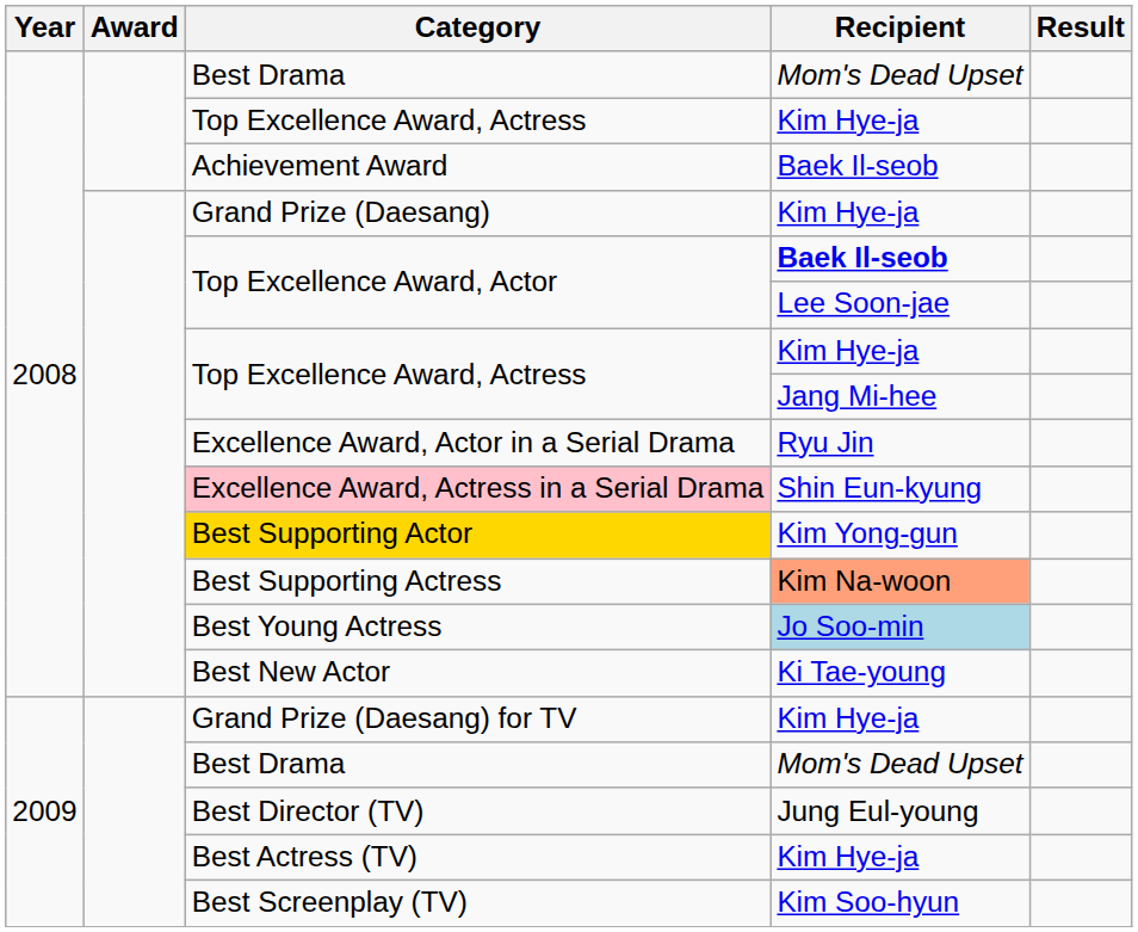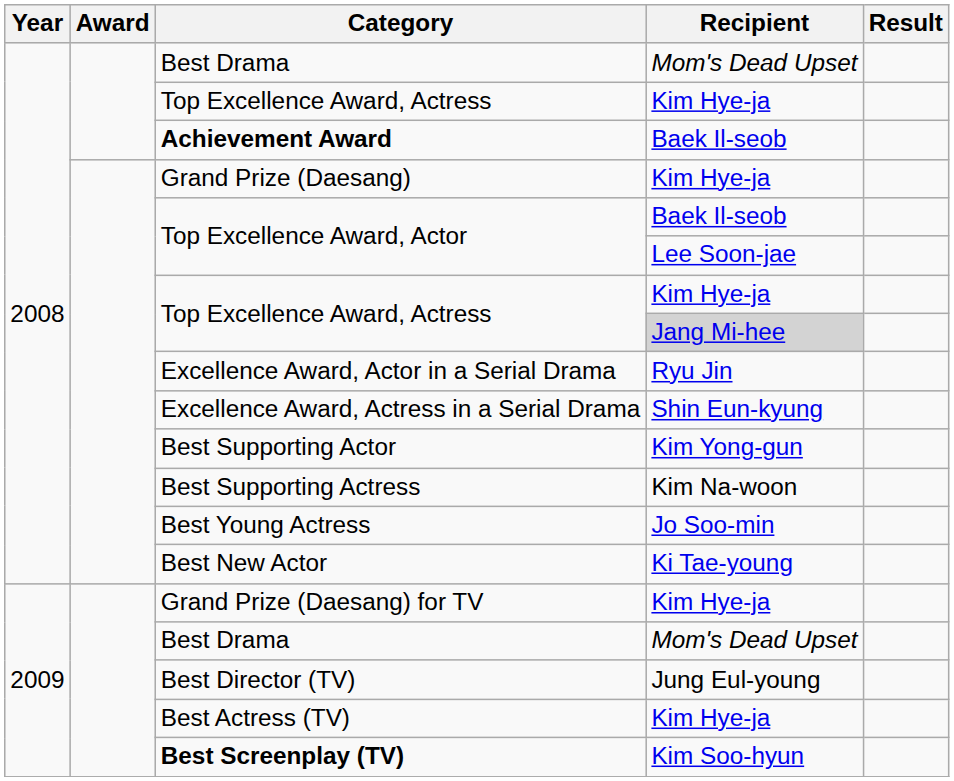 <table class="wikitable">
 <tr>
 <th>Year</th>
 <th>Award</th>
 <th>Category</th>
 <th>Recipient</th>
 <th>Result</th>
 </tr>
 <tr>
 <td rowspan=14>2008</td>
 <td rowspan=3></td>
 <td>Best Drama</td>
 <td><em>Mom's Dead Upset</em></td>
 <td></td>
 </tr>
 <tr>
 <td>Top Excellence Award, Actress</td>
 <td><a href='#'>Kim Hye-ja</a></td>
 <td></td>
 </tr>
 <tr>
-<td>Achievement Award</td>
+<td><strong>Achievement Award</strong></td>
 <td><a href='#'>Baek Il-seob</a></td>
 <td></td>
 </tr>
 <tr>
 <td rowspan=11></td>
 <td>Grand Prize (Daesang)</td>
 <td><a href='#'>Kim Hye-ja</a></td>
 <td></td>
 </tr>
 <tr>
 <td rowspan=2>Top Excellence Award, Actor</td>
-<td><strong><a href='#'>Baek Il-seob</a></strong></td>
+<td><a href='#'>Baek Il-seob</a></td>
 <td></td>
 </tr>
 <tr>
 <td><a href='#'>Lee Soon-jae</a></td>
 <td></td>
 </tr>
 <tr>
 <td rowspan=2>Top Excellence Award, Actress</td>
 <td><a href='#'>Kim Hye-ja</a></td>
 <td></td>
 </tr>
 <tr>
-<td><a href='#'>Jang Mi-hee</a></td>
+<td style="background: lightgrey;"><a href='#'>Jang Mi-hee</a></td>
 <td></td>
 </tr>
 <tr>
 <td>Excellence Award, Actor in a Serial Drama</td>
 <td><a href='#'>Ryu Jin</a></td>
 <td></td>
 </tr>
 <tr>
-<td style="background: pink;">Excellence Award, Actress in a Serial Drama</td>
+<td>Excellence Award, Actress in a Serial Drama</td>
 <td><a href='#'>Shin Eun-kyung</a></td>
 <td></td>
 </tr>
 <tr>
-<td style="background: gold;">Best Supporting Actor</td>
+<td>Best Supporting Actor</td>
 <td><a href='#'>Kim Yong-gun</a></td>
 <td></td>
 </tr>
 <tr>
 <td>Best Supporting Actress</td>
-<td style="background: lightsalmon;">Kim Na-woon</td>
+<td>Kim Na-woon</td>
 <td></td>
 </tr>
 <tr>
 <td>Best Young Actress</td>
-<td style="background: lightblue;"><a href='#'>Jo Soo-min</a></td>
+<td><a href='#'>Jo Soo-min</a></td>
 <td></td>
 </tr>
 <tr>
 <td>Best New Actor</td>
 <td><a href='#'>Ki Tae-young</a></td>
 <td></td>
 </tr>
 <tr>
 <td rowspan=5>2009</td>
 <td rowspan=5></td>
 <td>Grand Prize (Daesang) for TV</td>
 <td><a href='#'>Kim Hye-ja</a></td>
 <td></td>
 </tr>
 <tr>
 <td>Best Drama</td>
 <td><em>Mom's Dead Upset</em></td>
 <td></td>
 </tr>
 <tr>
 <td>Best Director (TV)</td>
 <td>Jung Eul-young</td>
 <td></td>
 </tr>
 <tr>
 <td>Best Actress (TV)</td>
 <td><a href='#'>Kim Hye-ja</a></td>
 <td></td>
 </tr>
 <tr>
-<td>Best Screenplay (TV)</td>
+<td><strong>Best Screenplay (TV)</strong></td>
 <td><a href='#'>Kim Soo-hyun</a></td>
 <td></td>
 </tr>
 <tr>
 </tr>
 </table>
